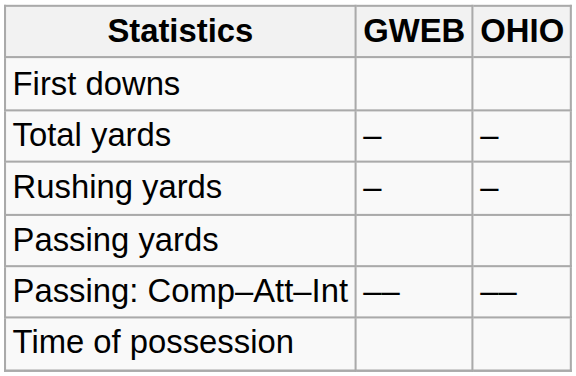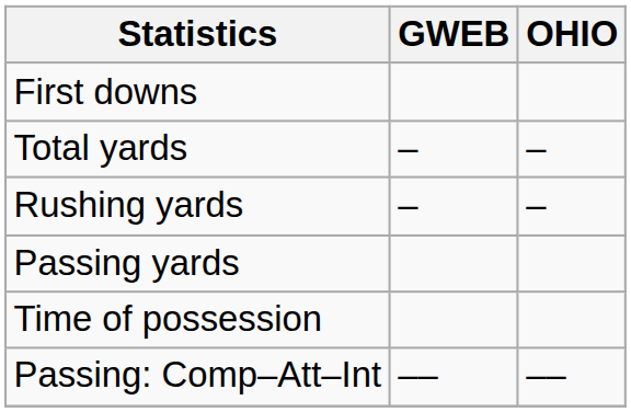 <table class="wikitable" style="float:left">
 <tr>
 <th>Statistics</th>
 <th>GWEB</th>
 <th>OHIO</th>
 </tr>
 <tr>
 <td>First downs</td>
 <td></td>
 <td></td>
 </tr>
 <tr>
 <td>Total yards</td>
 <td>–</td>
 <td>–</td>
 </tr>
 <tr>
 <td>Rushing yards</td>
 <td>–</td>
 <td>–</td>
 </tr>
 <tr>
 <td>Passing yards</td>
 <td></td>
 <td></td>
 </tr>
 <tr>
+<td>Time of possession</td>
+<td></td>
+<td></td>
+</tr>
+<tr>
 <td>Passing: Comp–Att–Int</td>
 <td>––</td>
 <td>––</td>
 </tr>
 <tr>
-<td>Time of possession</td>
-<td></td>
-<td></td>
-</tr>
-<tr>
 </tr>
 </table>
